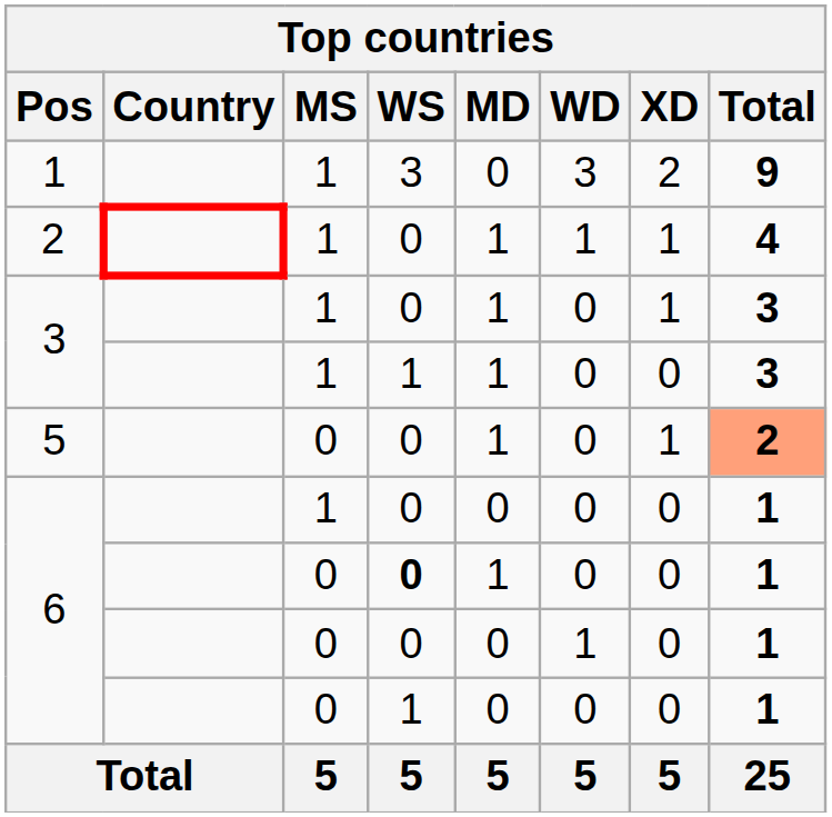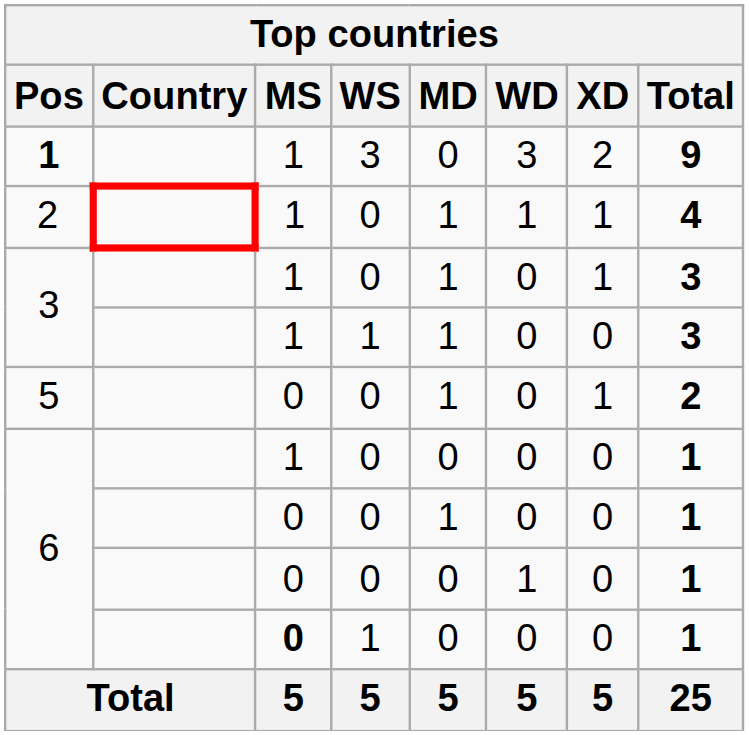 <table class="wikitable" style="text-align:center">
 <tr>
 <th colspan="10">Top countries</th>
 </tr>
 <tr>
 <th>Pos</th>
 <th>Country</th>
 <th>MS</th>
 <th>WS</th>
 <th>MD</th>
 <th>WD</th>
 <th>XD</th>
 <th>Total</th>
 </tr>
 <tr>
-<td>1</td>
+<td><strong>1</strong></td>
 <td align="left"></td>
 <td>1</td>
 <td>3</td>
 <td>0</td>
 <td>3</td>
 <td>2</td>
 <td><strong>9</strong></td>
 </tr>
 <tr>
 <td>2</td>
 <td style="border: 3px solid red" align="left"><strong></strong></td>
 <td>1</td>
 <td>0</td>
 <td>1</td>
 <td>1</td>
 <td>1</td>
 <td><strong>4</strong></td>
 </tr>
 <tr>
 <td rowspan="2">3</td>
 <td align="left"></td>
 <td>1</td>
 <td>0</td>
 <td>1</td>
 <td>0</td>
 <td>1</td>
 <td><strong>3</strong></td>
 </tr>
 <tr>
 <td align="left"></td>
 <td>1</td>
 <td>1</td>
 <td>1</td>
 <td>0</td>
 <td>0</td>
 <td><strong>3</strong></td>
 </tr>
 <tr>
 <td>5</td>
 <td align="left"></td>
 <td>0</td>
 <td>0</td>
 <td>1</td>
 <td>0</td>
 <td>1</td>
-<td style="background: lightsalmon;"><strong>2</strong></td>
+<td><strong>2</strong></td>
 </tr>
 <tr>
 <td rowspan="4">6</td>
 <td align="left"></td>
 <td>1</td>
 <td>0</td>
 <td>0</td>
 <td>0</td>
 <td>0</td>
 <td><strong>1</strong></td>
 </tr>
 <tr>
 <td align="left"></td>
 <td>0</td>
-<td><strong>0</strong></td>
+<td>0</td>
 <td>1</td>
 <td>0</td>
 <td>0</td>
 <td><strong>1</strong></td>
 </tr>
 <tr>
 <td align="left"></td>
 <td>0</td>
 <td>0</td>
 <td>0</td>
 <td>1</td>
 <td>0</td>
 <td><strong>1</strong></td>
 </tr>
 <tr>
 <td align="left"></td>
-<td>0</td>
+<td><strong>0</strong></td>
 <td>1</td>
 <td>0</td>
 <td>0</td>
 <td>0</td>
 <td><strong>1</strong></td>
 </tr>
 <tr>
 <th colspan="2">Total</th>
 <th>5</th>
 <th>5</th>
 <th>5</th>
 <th>5</th>
 <th>5</th>
 <th>25</th>
 </tr>
 </table>
